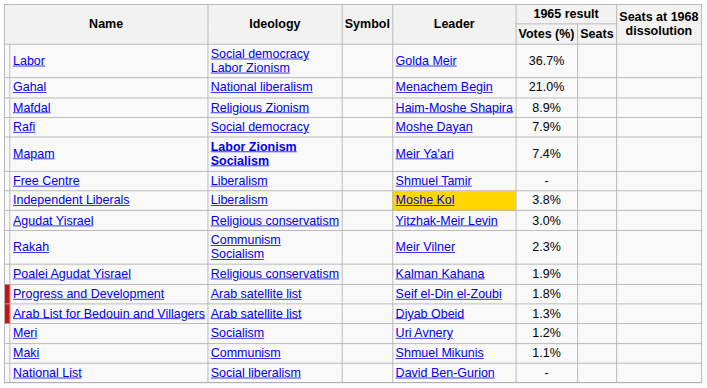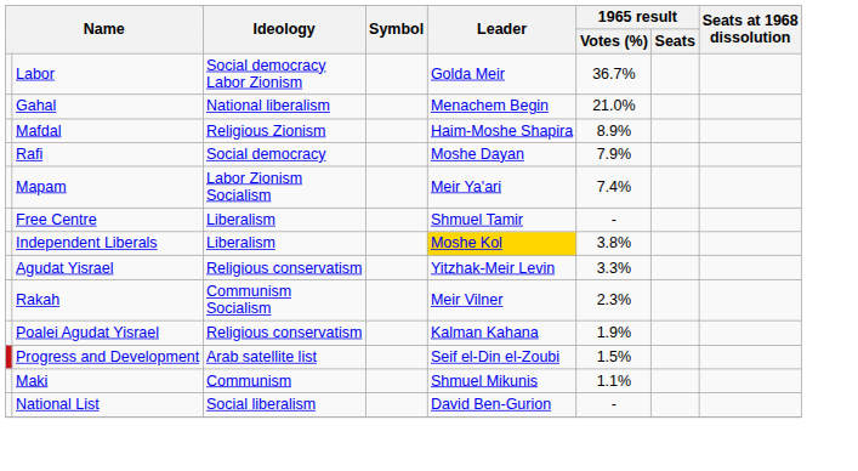 <table class="wikitable">
 <tr>
 <th rowspan="2" colspan=2>Name</th>
 <th rowspan="2">Ideology</th>
 <th rowspan="2">Symbol</th>
 <th rowspan="2">Leader</th>
 <th colspan="2">1965 result</th>
 <th rowspan="2">Seats at 1968<br>dissolution</th>
 </tr>
 <tr>
 <th>Votes (%)</th>
 <th>Seats</th>
 </tr>
 <tr>
 <td style="background:"></td>
 <td><a href='#'>Labor</a></td>
 <td><a href='#'>Social democracy</a><br><a href='#'>Labor Zionism</a></td>
 <td></td>
 <td><a href='#'>Golda Meir</a></td>
 <td style="text-align:center;">36.7%</td>
 <td></td>
 <td></td>
 </tr>
 <tr>
 <td style="background:"></td>
 <td><a href='#'>Gahal</a></td>
 <td><a href='#'>National liberalism</a></td>
 <td></td>
 <td><a href='#'>Menachem Begin</a></td>
 <td style="text-align:center;" rowspan=1>21.0%</td>
 <td></td>
 <td></td>
 </tr>
 <tr>
 <td style="background:"></td>
 <td><a href='#'>Mafdal</a></td>
 <td><a href='#'>Religious Zionism</a></td>
 <td></td>
 <td><a href='#'>Haim-Moshe Shapira</a></td>
 <td style="text-align:center;">8.9%</td>
 <td></td>
 <td></td>
 </tr>
 <tr>
 <td style="background:"></td>
 <td><a href='#'>Rafi</a></td>
 <td><a href='#'>Social democracy</a></td>
 <td></td>
 <td><a href='#'>Moshe Dayan</a></td>
 <td style="text-align:center;">7.9%</td>
 <td></td>
 <td></td>
 </tr>
 <tr>
 <td style="background:"></td>
 <td><a href='#'>Mapam</a></td>
-<td><strong><a href='#'>Labor Zionism</a><br><a href='#'>Socialism</a></strong></td>
+<td><a href='#'>Labor Zionism</a><br><a href='#'>Socialism</a></td>
 <td></td>
 <td><a href='#'>Meir Ya'ari</a></td>
 <td style="text-align:center;">7.4%</td>
 <td></td>
 <td></td>
 </tr>
 <tr>
 <td style="background:"></td>
 <td><a href='#'>Free Centre</a></td>
 <td><a href='#'>Liberalism</a></td>
 <td></td>
 <td><a href='#'>Shmuel Tamir</a></td>
 <td style="text-align:center;">-</td>
 <td></td>
 <td></td>
 </tr>
 <tr>
 <td style="background:"></td>
 <td><a href='#'>Independent Liberals</a></td>
 <td><a href='#'>Liberalism</a></td>
 <td></td>
 <td style="background: gold;"><a href='#'>Moshe Kol</a></td>
 <td style="text-align:center;">3.8%</td>
 <td></td>
 <td></td>
 </tr>
 <tr>
 <td style="background:"></td>
 <td><a href='#'>Agudat Yisrael</a></td>
 <td><a href='#'>Religious conservatism</a></td>
 <td></td>
 <td><a href='#'>Yitzhak-Meir Levin</a></td>
-<td style="text-align:center;">3.0%</td>
+<td style="text-align:center;">3.3%</td>
 <td></td>
 <td></td>
 </tr>
 <tr>
 <td style="background:"></td>
 <td><a href='#'>Rakah</a></td>
 <td><a href='#'>Communism</a><br><a href='#'>Socialism</a></td>
 <td></td>
 <td><a href='#'>Meir Vilner</a></td>
 <td style="text-align:center;">2.3%</td>
 <td></td>
 <td></td>
 </tr>
 <tr>
 <td style="background:"></td>
 <td><a href='#'>Poalei Agudat Yisrael</a></td>
 <td><a href='#'>Religious conservatism</a></td>
 <td></td>
 <td><a href='#'>Kalman Kahana</a></td>
 <td style="text-align:center;">1.9%</td>
 <td></td>
 <td></td>
 </tr>
 <tr>
 <td style="background:#C61318;"></td>
 <td><a href='#'>Progress and Development</a></td>
 <td><a href='#'>Arab satellite list</a></td>
 <td></td>
 <td><a href='#'>Seif el-Din el-Zoubi</a></td>
-<td style="text-align:center;">1.8%</td>
-<td></td>
-<td></td>
-</tr>
-<tr>
-<td style="background:#C61318;"></td>
-<td><a href='#'>Arab List for Bedouin and Villagers</a></td>
-<td><a href='#'>Arab satellite list</a></td>
-<td></td>
-<td><a href='#'>Diyab Obeid</a></td>
-<td style="text-align:center;">1.3%</td>
-<td></td>
-<td></td>
-</tr>
-<tr>
-<td style="background:"></td>
-<td><a href='#'>Meri</a></td>
-<td><a href='#'>Socialism</a></td>
-<td></td>
-<td><a href='#'>Uri Avnery</a></td>
-<td style="text-align:center;">1.2%</td>
+<td style="text-align:center;">1.5%</td>
 <td></td>
 <td></td>
 </tr>
 <tr>
 <td style="background:"></td>
 <td><a href='#'>Maki</a></td>
 <td><a href='#'>Communism</a></td>
 <td></td>
 <td><a href='#'>Shmuel Mikunis</a></td>
 <td style="text-align:center;">1.1%</td>
 <td></td>
 <td></td>
 </tr>
 <tr>
 <td style="background:"></td>
 <td><a href='#'>National List</a></td>
 <td><a href='#'>Social liberalism</a></td>
 <td></td>
 <td><a href='#'>David Ben-Gurion</a></td>
 <td style="text-align:center;">-</td>
 <td></td>
 <td></td>
 </tr>
 <tr>
 </tr>
 </table>
